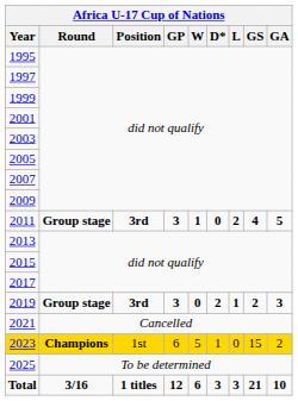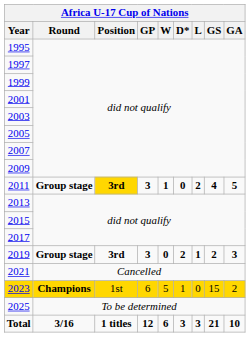 <table class="wikitable" style="text-align: center;">
 <tr>
 <th colspan=9><a href='#'>Africa U-17 Cup of Nations</a></th>
 </tr>
 <tr>
 <th>Year</th>
 <th>Round</th>
 <th>Position</th>
 <th>GP</th>
 <th>W</th>
 <th>D*</th>
 <th>L</th>
 <th>GS</th>
 <th>GA</th>
 </tr>
 <tr>
 <td> <a href='#'>1995</a></td>
 <td colspan=8 rowspan=8><em>did not qualify</em></td>
 </tr>
 <tr>
 <td> <a href='#'>1997</a></td>
 </tr>
 <tr>
 <td> <a href='#'>1999</a></td>
 </tr>
 <tr>
 <td> <a href='#'>2001</a></td>
 </tr>
 <tr>
 <td> <a href='#'>2003</a></td>
 </tr>
 <tr>
 <td> <a href='#'>2005</a></td>
 </tr>
 <tr>
 <td> <a href='#'>2007</a></td>
 </tr>
 <tr>
 <td> <a href='#'>2009</a></td>
 </tr>
 <tr>
 <td> <a href='#'>2011</a></td>
 <td><strong>Group stage</strong></td>
-<td><strong>3rd</strong></td>
+<td style="background: gold;"><strong>3rd</strong></td>
 <td><strong>3</strong></td>
 <td><strong>1</strong></td>
 <td><strong>0</strong></td>
 <td><strong>2</strong></td>
 <td><strong>4</strong></td>
 <td><strong>5</strong></td>
 </tr>
 <tr>
 <td> <a href='#'>2013</a></td>
 <td colspan=8 rowspan=3><em>did not qualify</em></td>
 </tr>
 <tr>
 <td> <a href='#'>2015</a></td>
 </tr>
 <tr>
 <td> <a href='#'>2017</a></td>
 </tr>
 <tr>
 <td> <a href='#'>2019</a></td>
 <td><strong>Group stage</strong></td>
 <td><strong>3rd</strong></td>
 <td><strong>3</strong></td>
 <td><strong>0</strong></td>
 <td><strong>2</strong></td>
 <td><strong>1</strong></td>
 <td><strong>2</strong></td>
 <td><strong>3</strong></td>
 </tr>
 <tr>
 <td> <a href='#'>2021</a></td>
 <td colspan=8><em>Cancelled</em></td>
 </tr>
 <tr bgcolor=gold>
 <td> <a href='#'>2023</a></td>
 <td><strong>Champions</strong></td>
 <td>1st</td>
 <td>6</td>
 <td>5</td>
 <td>1</td>
 <td>0</td>
 <td>15</td>
 <td>2</td>
 </tr>
 <tr>
 <td> <a href='#'>2025</a></td>
 <td colspan=8><em>To be determined</em></td>
 </tr>
 <tr>
 <td><strong>Total</strong></td>
 <td><strong>3/16</strong></td>
 <td><strong>1 titles</strong></td>
 <td><strong>12</strong></td>
 <td><strong>6</strong></td>
 <td><strong>3</strong></td>
 <td><strong>3</strong></td>
 <td><strong>21</strong></td>
 <td><strong>10</strong></td>
 </tr>
 </table>
